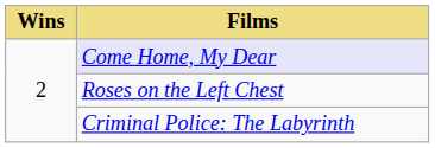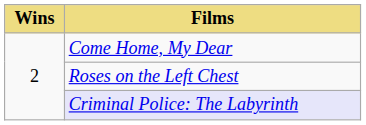 <table class="wikitable" align="center" style="width:25%">
 <tr>
 <th style="background:#EEDD82;" align="center">Wins</th>
 <th style="background:#EEDD82;" align="center">Films</th>
 </tr>
 <tr>
 <td rowspan="3" style="text-align:center">2</td>
-<td style="background: lavender;"><em><a href='#'>Come Home, My Dear</a></em></td>
+<td><em><a href='#'>Come Home, My Dear</a></em></td>
 </tr>
 <tr>
 <td><em><a href='#'>Roses on the Left Chest</a></em></td>
 </tr>
 <tr>
-<td><em><a href='#'>Criminal Police: The Labyrinth</a></em></td>
+<td style="background: lavender;"><em><a href='#'>Criminal Police: The Labyrinth</a></em></td>
 </tr>
 </table>
